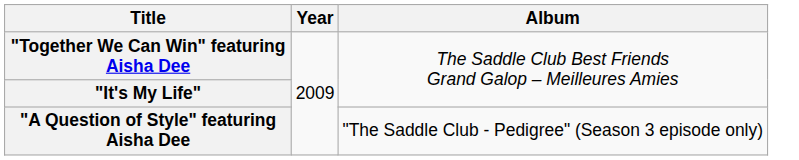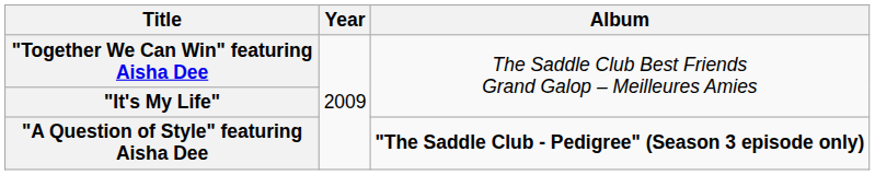 <table class="wikitable plainrowheaders" style="text-align:center;" border="1">
 <tr>
 <th scope="col" style="width:16em;">Title</th>
 <th scope="col">Year</th>
 <th scope="col">Album</th>
 </tr>
 <tr>
 <th scope="row">"Together We Can Win" featuring <a href='#'>Aisha Dee</a></th>
 <td rowspan="3">2009</td>
 <td rowspan="2"><em>The Saddle Club Best Friends</em><br><em>Grand Galop – Meilleures Amies</em></td>
 </tr>
 <tr>
 <th scope="row">"It's My Life"</th>
 </tr>
 <tr>
 <th scope="row">"A Question of Style" featuring Aisha Dee</th>
-<td>"The Saddle Club - Pedigree" (Season 3 episode only)</td>
+<td><strong>"The Saddle Club - Pedigree" (Season 3 episode only)</strong></td>
 </tr>
 </table>
